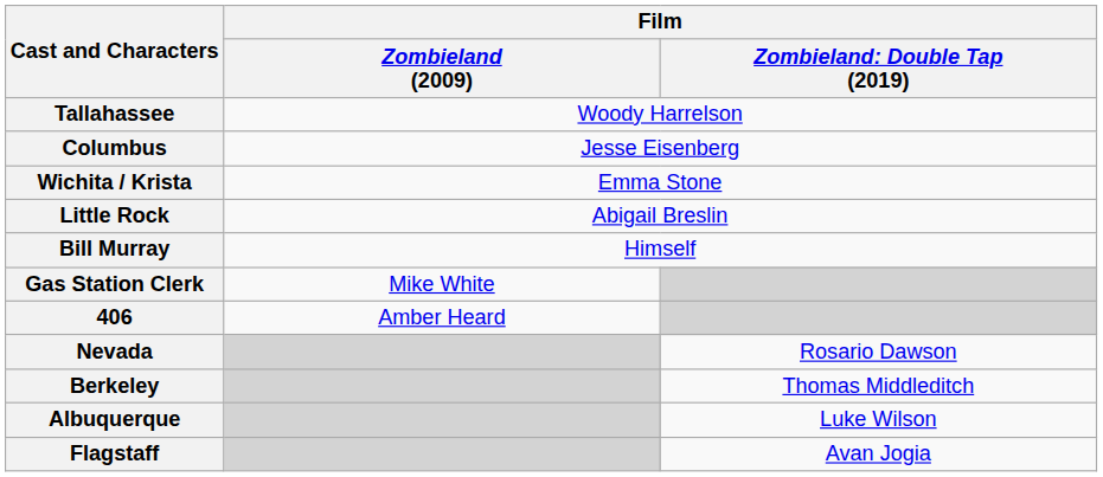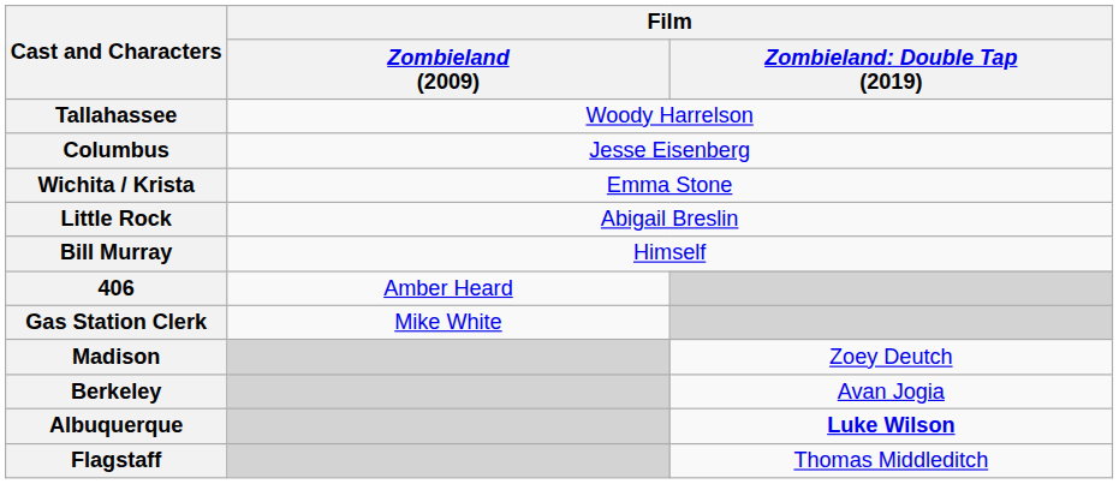 <table class="wikitable">
 <tr>
 <th rowspan="2">Cast and Characters</th>
 <th style="text-align: center; width: 40% " colspan="2">Film</th>
 </tr>
 <tr>
 <th style="text-align: center; width: 40%"><em><a href='#'>Zombieland</a></em><br>(2009)</th>
 <th style="text-align: center; width: 40%"><em><a href='#'>Zombieland: Double Tap</a></em><br>(2019)</th>
 </tr>
 <tr>
 <th>Tallahassee</th>
 <td style="text-align: center;" colspan="2"><a href='#'>Woody Harrelson</a></td>
 </tr>
 <tr>
 <th>Columbus</th>
 <td style="text-align: center;" colspan="2"><a href='#'>Jesse Eisenberg</a></td>
 </tr>
 <tr>
 <th>Wichita / Krista</th>
 <td style="text-align: center;" colspan="2"><a href='#'>Emma Stone</a></td>
 </tr>
 <tr>
 <th>Little Rock</th>
 <td style="text-align: center;" colspan="2"><a href='#'>Abigail Breslin</a></td>
 </tr>
 <tr>
 <th>Bill Murray</th>
 <td style="text-align: center;" colspan="2"><a href='#'>Himself</a></td>
 </tr>
 <tr>
+<th>406</th>
+<td style="text-align: center;"><a href='#'>Amber Heard</a></td>
+<td style="background:lightgrey;"></td>
+</tr>
+<tr>
 <th>Gas Station Clerk</th>
 <td style="text-align: center;"><a href='#'>Mike White</a></td>
 <td style="background:lightgrey;"></td>
 </tr>
 <tr>
-<th>406</th>
-<td style="text-align: center;"><a href='#'>Amber Heard</a></td>
+<th>Madison</th>
 <td style="background:lightgrey;"></td>
-</tr>
-<tr>
-<th>Nevada</th>
-<td style="background:lightgrey;"></td>
-<td style="text-align: center;"><a href='#'>Rosario Dawson</a></td>
+<td style="text-align: center;"><a href='#'>Zoey Deutch</a></td>
 </tr>
 <tr>
 <th>Berkeley</th>
 <td style="background:lightgrey;"></td>
-<td style="text-align: center;"><a href='#'>Thomas Middleditch</a></td>
+<td style="text-align: center;"><a href='#'>Avan Jogia</a></td>
 </tr>
 <tr>
 <th>Albuquerque</th>
 <td style="background:lightgrey;"></td>
-<td style="text-align: center;"><a href='#'>Luke Wilson</a></td>
+<td style="text-align: center;"><strong><a href='#'>Luke Wilson</a></strong></td>
 </tr>
 <tr>
 <th>Flagstaff</th>
 <td style="background:lightgrey;"></td>
-<td style="text-align: center;"><a href='#'>Avan Jogia</a></td>
+<td style="text-align: center;"><a href='#'>Thomas Middleditch</a></td>
 </tr>
 </table>
